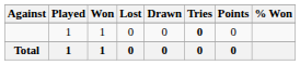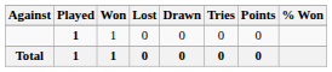 <table class="sortable wikitable" style="text-align: center;">
 <tr>
 </tr>
 <tr>
 <th>Against</th>
 <th>Played</th>
 <th>Won</th>
 <th>Lost</th>
 <th>Drawn</th>
 <th>Tries</th>
 <th>Points</th>
 <th>% Won</th>
 </tr>
 <tr bgcolor="#d0ffd0" align="center">
 </tr>
 <tr>
 <td align="left"></td>
-<td>1</td>
+<td><strong>1</strong></td>
 <td>1</td>
 <td>0</td>
 <td>0</td>
-<td><strong>0</strong></td>
+<td>0</td>
 <td>0</td>
 <td></td>
 </tr>
 <tr>
 </tr>
 <tr class="sortbottom">
 <th>Total</th>
 <th>1</th>
 <th>1</th>
 <th>0</th>
 <th>0</th>
 <th>0</th>
 <th>0</th>
 <th></th>
 </tr>
 </table>
